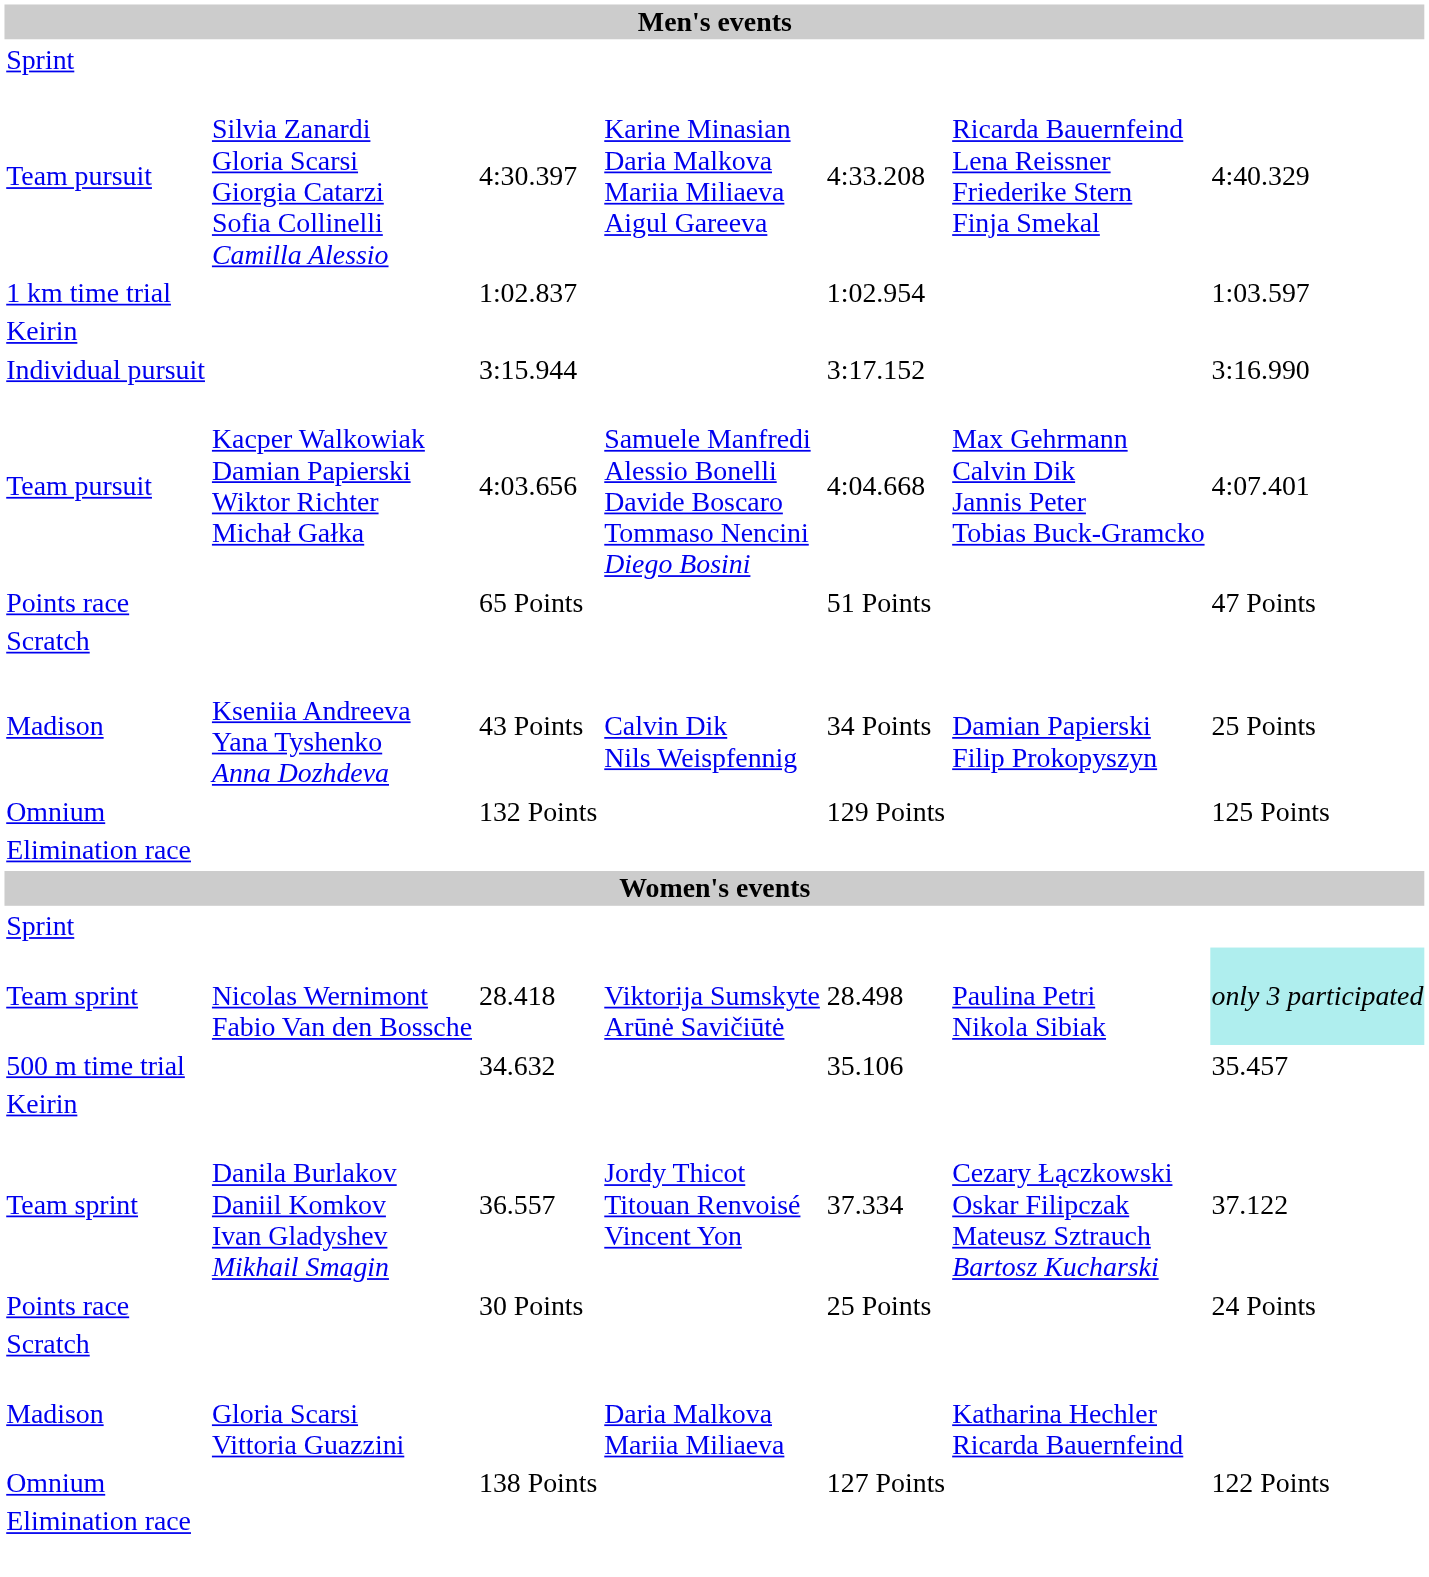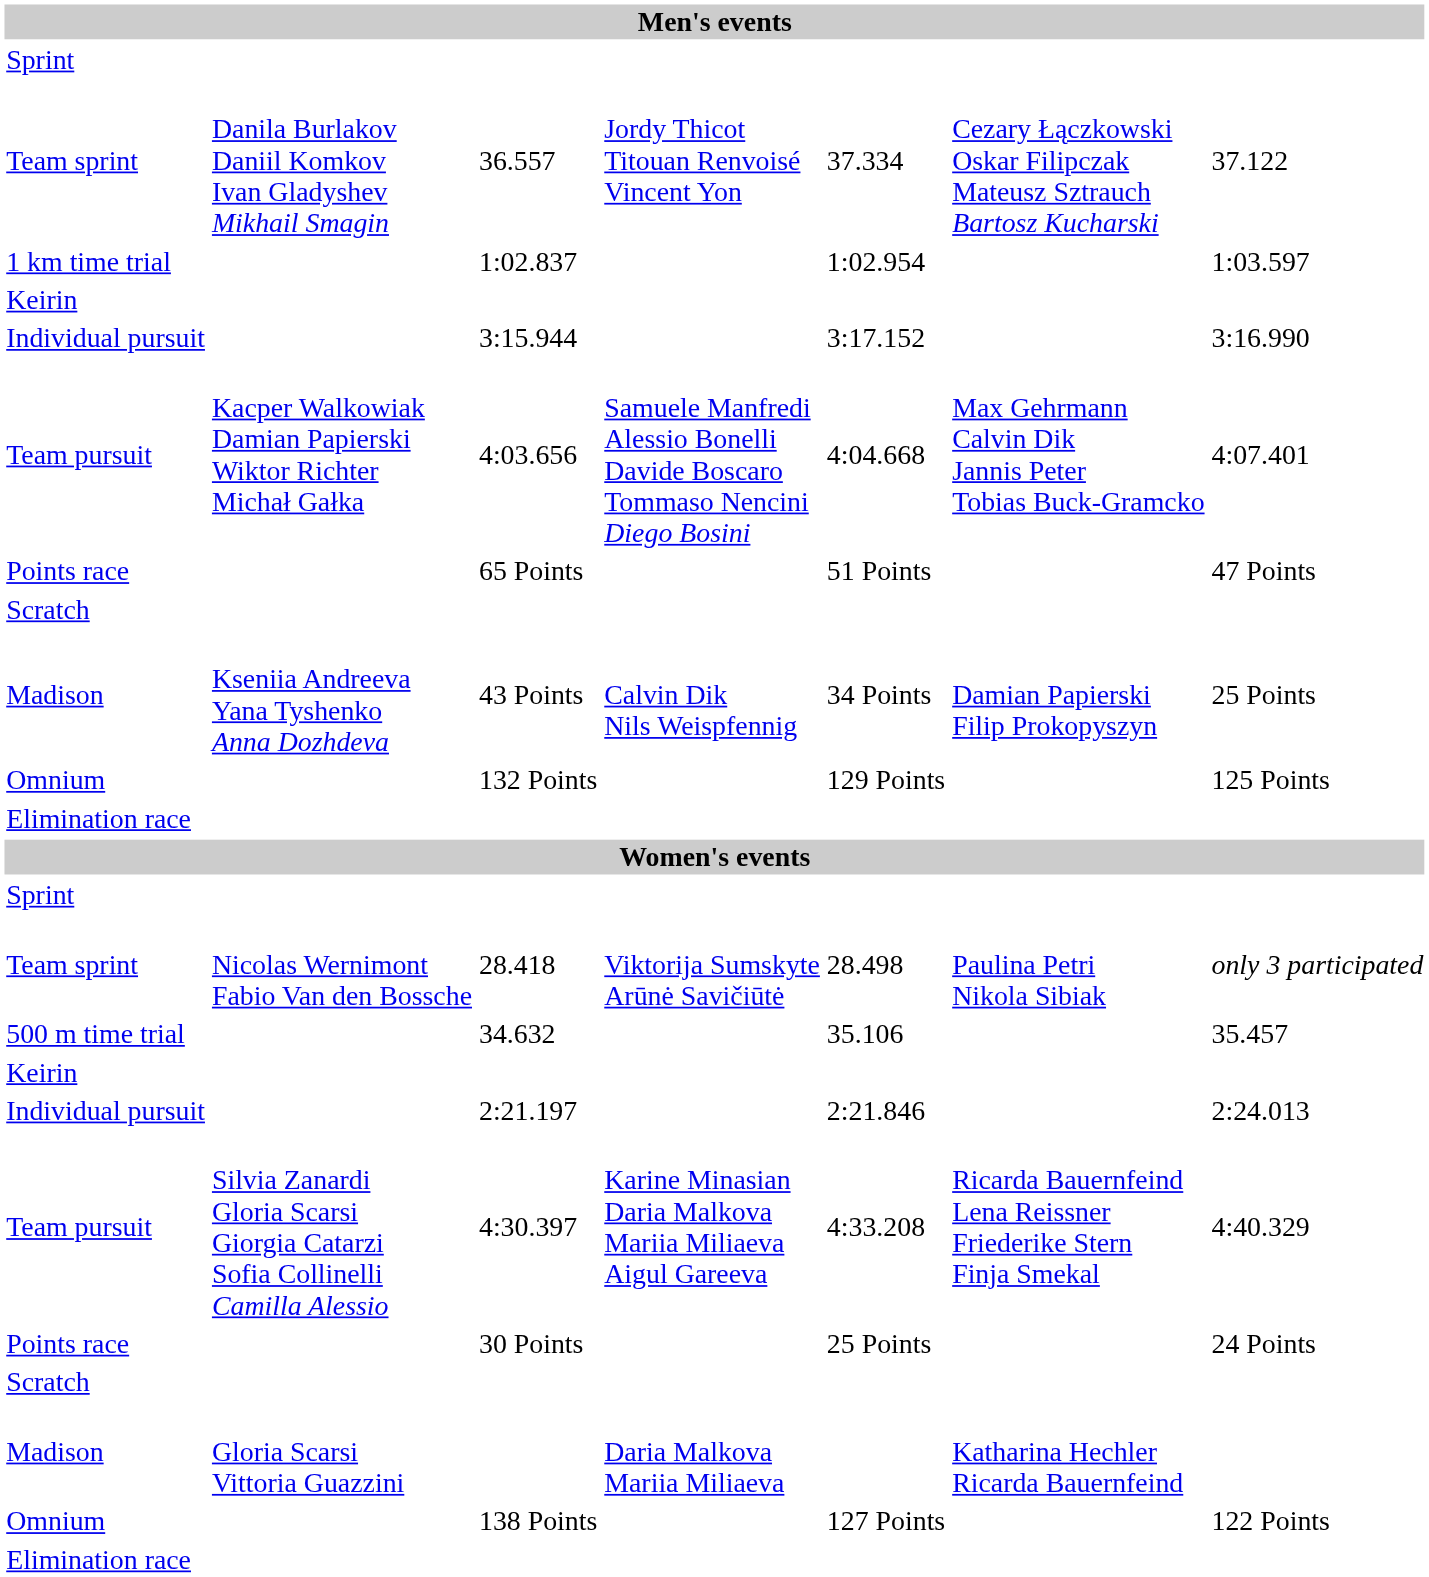 <table>
 <tr style="background:#ccc; width:100%;">
 <td colspan=7 align=center><strong>Men's events</strong></td>
 </tr>
 <tr>
 <td><a href='#'>Sprint</a></td>
 <td colspan=2></td>
 <td colspan=2></td>
 <td colspan=2></td>
 </tr>
 <tr>
-<td><a href='#'>Team pursuit</a></td>
-<td><br><a href='#'>Silvia Zanardi</a><br><a href='#'>Gloria Scarsi</a><br><a href='#'>Giorgia Catarzi</a><br><a href='#'>Sofia Collinelli</a><br><em><a href='#'>Camilla Alessio</a></em></td>
-<td>4:30.397</td>
-<td valign="top"><br><a href='#'>Karine Minasian</a><br><a href='#'>Daria Malkova</a><br><a href='#'>Mariia Miliaeva</a><br><a href='#'>Aigul Gareeva</a></td>
-<td>4:33.208</td>
-<td valign="top"><br><a href='#'>Ricarda Bauernfeind</a><br><a href='#'>Lena Reissner</a><br><a href='#'>Friederike Stern</a><br><a href='#'>Finja Smekal</a></td>
-<td>4:40.329</td>
+<td><a href='#'>Team sprint</a></td>
+<td><br><a href='#'>Danila Burlakov</a><br><a href='#'>Daniil Komkov</a><br><a href='#'>Ivan Gladyshev</a><br><em><a href='#'>Mikhail Smagin</a></em></td>
+<td>36.557</td>
+<td valign="top"><br><a href='#'>Jordy Thicot</a><br><a href='#'>Titouan Renvoisé</a><br><a href='#'>Vincent Yon</a></td>
+<td>37.334</td>
+<td><br><a href='#'>Cezary Łączkowski</a><br><a href='#'>Oskar Filipczak</a><br><a href='#'>Mateusz Sztrauch</a><br><em><a href='#'>Bartosz Kucharski</a></em></td>
+<td>37.122</td>
 </tr>
 <tr>
 <td><a href='#'>1 km time trial</a></td>
 <td></td>
 <td>1:02.837</td>
 <td></td>
 <td>1:02.954</td>
 <td></td>
 <td>1:03.597</td>
 </tr>
 <tr>
 <td><a href='#'>Keirin</a></td>
 <td colspan=2></td>
 <td colspan=2></td>
 <td colspan=2></td>
 </tr>
 <tr>
 <td><a href='#'>Individual pursuit</a></td>
 <td></td>
 <td>3:15.944</td>
 <td></td>
 <td>3:17.152</td>
 <td></td>
 <td>3:16.990</td>
 </tr>
 <tr>
 <td><a href='#'>Team pursuit</a></td>
 <td valign="top"><br><a href='#'>Kacper Walkowiak</a><br><a href='#'>Damian Papierski</a><br><a href='#'>Wiktor Richter</a><br><a href='#'>Michał Gałka</a></td>
 <td>4:03.656</td>
 <td><br><a href='#'>Samuele Manfredi</a><br><a href='#'>Alessio Bonelli</a><br><a href='#'>Davide Boscaro</a><br><a href='#'>Tommaso Nencini</a><br><em><a href='#'>Diego Bosini</a></em></td>
 <td>4:04.668</td>
 <td valign="top"><br><a href='#'>Max Gehrmann</a><br><a href='#'>Calvin Dik</a><br><a href='#'>Jannis Peter</a><br><a href='#'>Tobias Buck-Gramcko</a></td>
 <td>4:07.401</td>
 </tr>
 <tr>
 <td><a href='#'>Points race</a></td>
 <td></td>
 <td>65 Points</td>
 <td></td>
 <td>51 Points</td>
 <td></td>
 <td>47 Points</td>
 </tr>
 <tr>
 <td><a href='#'>Scratch</a></td>
 <td colspan=2></td>
 <td colspan=2></td>
 <td colspan=2></td>
 </tr>
 <tr>
 <td><a href='#'>Madison</a></td>
 <td><br><a href='#'>Kseniia Andreeva</a><br><a href='#'>Yana Tyshenko</a><br><em><a href='#'>Anna Dozhdeva</a></em></td>
 <td>43 Points</td>
 <td><br><a href='#'>Calvin Dik</a><br><a href='#'>Nils Weispfennig</a></td>
 <td>34 Points</td>
 <td><br><a href='#'>Damian Papierski</a><br><a href='#'>Filip Prokopyszyn</a></td>
 <td>25 Points</td>
 </tr>
 <tr>
 <td><a href='#'>Omnium</a></td>
 <td></td>
 <td>132 Points</td>
 <td></td>
 <td>129 Points</td>
 <td></td>
 <td>125 Points</td>
 </tr>
 <tr>
 <td><a href='#'>Elimination race</a></td>
 <td colspan=2></td>
 <td colspan=2></td>
 <td colspan=2></td>
 </tr>
 <tr style="background:#ccc; width:100%;">
 <td colspan=7 align=center><strong>Women's events</strong></td>
 </tr>
 <tr>
 <td><a href='#'>Sprint</a></td>
 <td colspan=2></td>
 <td colspan=2></td>
 <td colspan=2></td>
 </tr>
 <tr>
 <td><a href='#'>Team sprint</a></td>
 <td><br><a href='#'>Nicolas Wernimont</a><br><a href='#'>Fabio Van den Bossche</a></td>
 <td>28.418</td>
 <td valign="top"><br><a href='#'>Viktorija Sumskyte</a><br><a href='#'>Arūnė Savičiūtė</a></td>
 <td>28.498</td>
 <td valign="top"><br><a href='#'>Paulina Petri</a><br><a href='#'>Nikola Sibiak</a></td>
-<td style="background: paleturquoise;"><em>only 3 participated</em></td>
+<td><em>only 3 participated</em></td>
 </tr>
 <tr>
 <td><a href='#'>500 m time trial</a></td>
 <td></td>
 <td>34.632</td>
 <td></td>
 <td>35.106</td>
 <td></td>
 <td>35.457</td>
 </tr>
 <tr>
 <td><a href='#'>Keirin</a></td>
 <td colspan=2></td>
 <td colspan=2></td>
 <td colspan=2></td>
 </tr>
 <tr>
-<td><a href='#'>Team sprint</a></td>
-<td><br><a href='#'>Danila Burlakov</a><br><a href='#'>Daniil Komkov</a><br><a href='#'>Ivan Gladyshev</a><br><em><a href='#'>Mikhail Smagin</a></em></td>
-<td>36.557</td>
-<td valign="top"><br><a href='#'>Jordy Thicot</a><br><a href='#'>Titouan Renvoisé</a><br><a href='#'>Vincent Yon</a></td>
-<td>37.334</td>
-<td><br><a href='#'>Cezary Łączkowski</a><br><a href='#'>Oskar Filipczak</a><br><a href='#'>Mateusz Sztrauch</a><br><em><a href='#'>Bartosz Kucharski</a></em></td>
-<td>37.122</td>
+<td><a href='#'>Individual pursuit</a></td>
+<td></td>
+<td>2:21.197</td>
+<td></td>
+<td>2:21.846</td>
+<td></td>
+<td>2:24.013</td>
+</tr>
+<tr>
+<td><a href='#'>Team pursuit</a></td>
+<td><br><a href='#'>Silvia Zanardi</a><br><a href='#'>Gloria Scarsi</a><br><a href='#'>Giorgia Catarzi</a><br><a href='#'>Sofia Collinelli</a><br><em><a href='#'>Camilla Alessio</a></em></td>
+<td>4:30.397</td>
+<td valign="top"><br><a href='#'>Karine Minasian</a><br><a href='#'>Daria Malkova</a><br><a href='#'>Mariia Miliaeva</a><br><a href='#'>Aigul Gareeva</a></td>
+<td>4:33.208</td>
+<td valign="top"><br><a href='#'>Ricarda Bauernfeind</a><br><a href='#'>Lena Reissner</a><br><a href='#'>Friederike Stern</a><br><a href='#'>Finja Smekal</a></td>
+<td>4:40.329</td>
 </tr>
 <tr>
 <td><a href='#'>Points race</a></td>
 <td></td>
 <td>30 Points</td>
 <td></td>
 <td>25 Points</td>
 <td></td>
 <td>24 Points</td>
 </tr>
 <tr>
 <td><a href='#'>Scratch</a></td>
 <td colspan=2></td>
 <td colspan=2></td>
 <td colspan=2></td>
 </tr>
 <tr>
 <td><a href='#'>Madison</a></td>
 <td><br><a href='#'>Gloria Scarsi</a><br><a href='#'>Vittoria Guazzini</a></td>
 <td></td>
 <td><br><a href='#'>Daria Malkova</a><br><a href='#'>Mariia Miliaeva</a></td>
 <td></td>
 <td><br><a href='#'>Katharina Hechler</a><br><a href='#'>Ricarda Bauernfeind</a></td>
 <td></td>
 </tr>
 <tr>
 <td><a href='#'>Omnium</a></td>
 <td></td>
 <td>138 Points</td>
 <td></td>
 <td>127 Points</td>
 <td></td>
 <td>122 Points</td>
 </tr>
 <tr>
 <td><a href='#'>Elimination race</a></td>
 <td colspan=2></td>
 <td colspan=2></td>
 <td colspan=2></td>
 </tr>
 </table>
